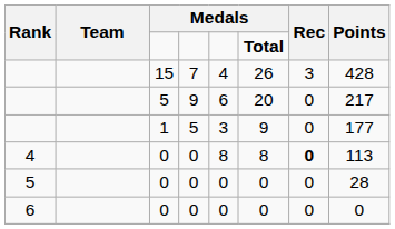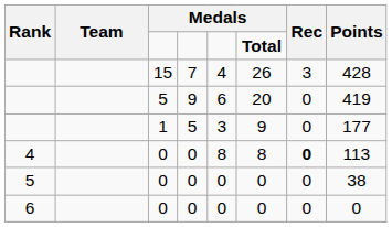 <table class="wikitable">
 <tr>
 <th rowspan=2>Rank</th>
 <th style="width:80px;" rowspan="2">Team</th>
 <th colspan=4>Medals</th>
 <th rowspan=2>Rec</th>
 <th rowspan=2>Points</th>
 </tr>
 <tr style="text-align:center;">
 <td style="width:20px; "></td>
 <td style="width:20px; "></td>
 <td style="width:20px; "></td>
 <td style="width:40px; "><strong>Total</strong></td>
 </tr>
 <tr>
 <td align=center></td>
 <td></td>
 <td align=center>15</td>
 <td align=center>7</td>
 <td align=center>4</td>
 <td align=center>26</td>
 <td align=center>3</td>
 <td align=center>428</td>
 </tr>
 <tr>
 <td align=center></td>
 <td></td>
 <td align=center>5</td>
 <td align=center>9</td>
 <td align=center>6</td>
 <td align=center>20</td>
 <td align=center>0</td>
-<td align=center>217</td>
+<td align=center>419</td>
 </tr>
 <tr>
 <td align=center></td>
 <td></td>
 <td align=center>1</td>
 <td align=center>5</td>
 <td align=center>3</td>
 <td align=center>9</td>
 <td align=center>0</td>
 <td align=center>177</td>
 </tr>
 <tr>
 <td align=center>4</td>
 <td></td>
 <td align=center>0</td>
 <td align=center>0</td>
 <td align=center>8</td>
 <td align=center>8</td>
 <td align=center><strong>0</strong></td>
 <td align=center>113</td>
 </tr>
 <tr>
 <td align=center>5</td>
 <td></td>
 <td align=center>0</td>
 <td align=center>0</td>
 <td align=center>0</td>
 <td align=center>0</td>
 <td align=center>0</td>
-<td align=center>28</td>
+<td align=center>38</td>
 </tr>
 <tr>
 <td align=center>6</td>
 <td></td>
 <td align=center>0</td>
 <td align=center>0</td>
 <td align=center>0</td>
 <td align=center>0</td>
 <td align=center>0</td>
 <td align=center>0</td>
 </tr>
 <tr>
 </tr>
 </table>
